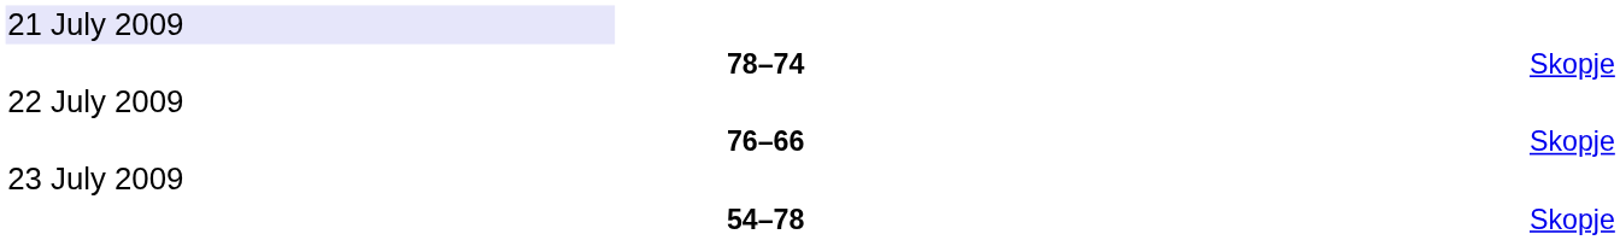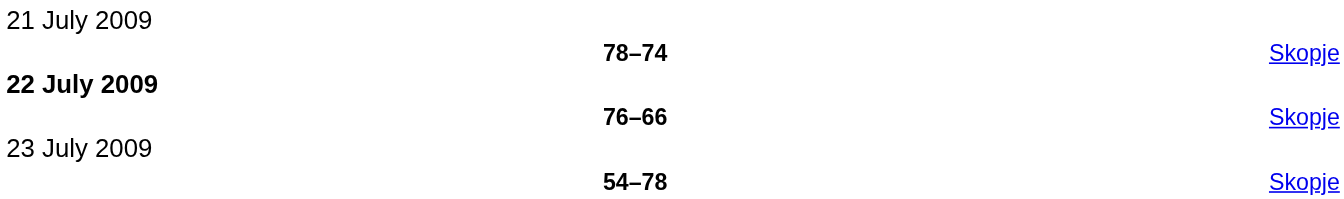 <table style="width:100%;" cellspacing="1">
 <tr>
 <th width=25%></th>
 <th width=3%></th>
 <th width=6%></th>
 <th width=3%></th>
 <th width=25%></th>
 </tr>
 <tr>
-<td style="background: lavender;">21 July 2009</td>
+<td>21 July 2009</td>
 </tr>
 <tr style=font-size:90%>
 <td align=right><strong></strong></td>
 <td></td>
 <td align=center><strong>78–74</strong></td>
 <td></td>
 <td><strong></strong></td>
 <td><a href='#'>Skopje</a></td>
 </tr>
 <tr>
-<td>22 July 2009</td>
+<td><strong>22 July 2009</strong></td>
 </tr>
 <tr style=font-size:90%>
 <td align=right><strong></strong></td>
 <td></td>
 <td align=center><strong>76–66</strong></td>
 <td></td>
 <td><strong></strong></td>
 <td><a href='#'>Skopje</a></td>
 </tr>
 <tr>
 <td>23 July 2009</td>
 </tr>
 <tr style=font-size:90%>
 <td align=right><strong></strong></td>
 <td></td>
 <td align=center><strong>54–78</strong></td>
 <td></td>
 <td><strong></strong></td>
 <td><a href='#'>Skopje</a></td>
 </tr>
 </table>
